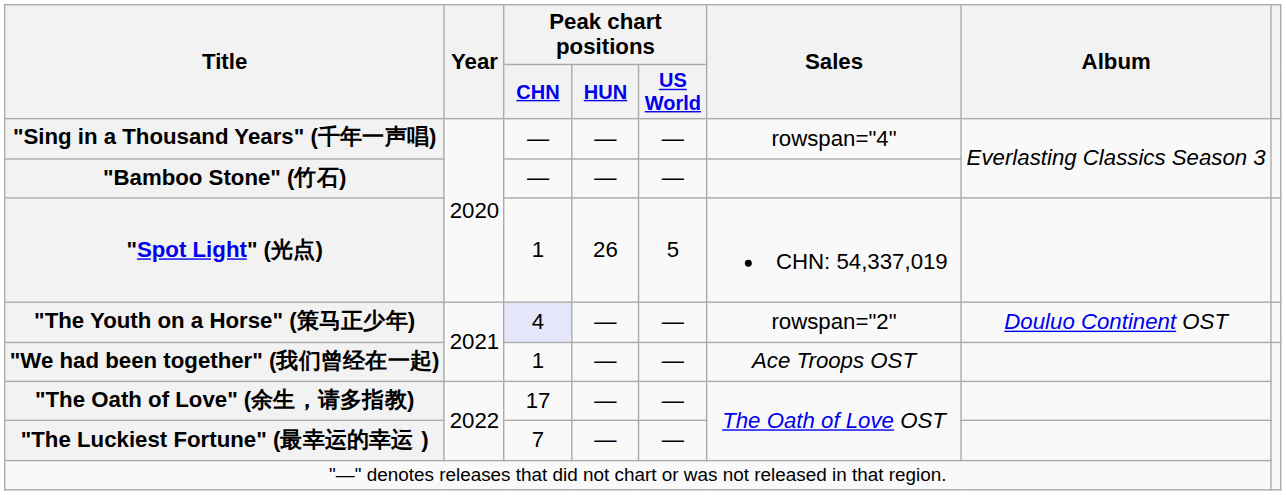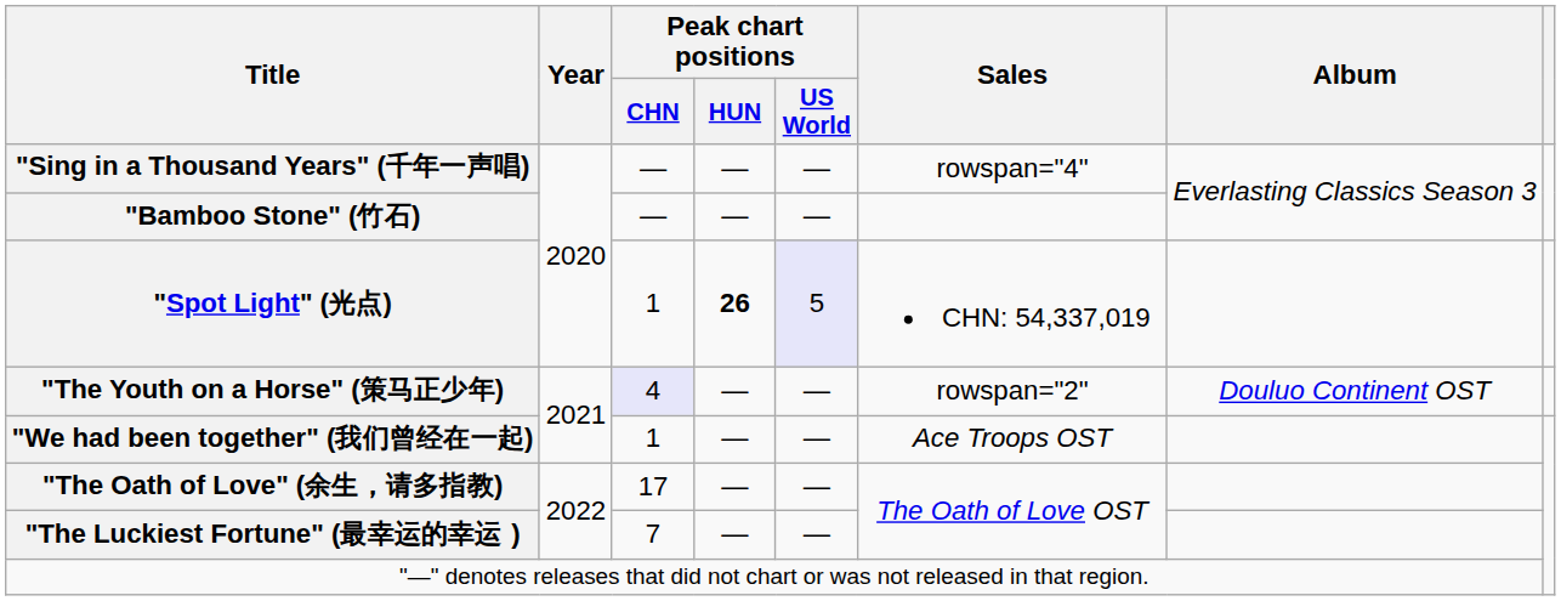 <table class="wikitable plainrowheaders" style="text-align:center;">
 <tr>
 <th rowspan="2" scope="col">Title</th>
 <th rowspan="2" scope="col">Year</th>
 <th colspan="3">Peak chart positions</th>
 <th rowspan="2" scope="col" style="width:11em;">Sales</th>
 <th rowspan="2" scope="col">Album</th>
 <th rowspan="2" scope="col"></th>
 </tr>
 <tr>
 <th scope="col" style="width:2.9em;font-size:90%;"><a href='#'>CHN</a><br></th>
 <th scope="col" style="width:2.9em;font-size:90%;"><a href='#'>HUN</a><br></th>
 <th scope="col" style="width:2.9em;font-size:90%;"><a href='#'>US World</a><br></th>
 </tr>
 <tr>
 <th scope="row">"Sing in a Thousand Years" (千年一声唱)<br></th>
 <td rowspan="3">2020</td>
 <td>—</td>
 <td>—</td>
 <td>—</td>
 <td>rowspan="4" </td>
 <td rowspan="2"><em>Everlasting Classics Season 3</em></td>
 <td rowspan="2"></td>
 </tr>
 <tr>
 <th scope="row">"Bamboo Stone" (竹石)</th>
 <td>—</td>
 <td>—</td>
 <td>—</td>
 </tr>
 <tr>
 <th scope="row">"<a href='#'>Spot Light</a>" (光点)</th>
 <td>1</td>
-<td>26</td>
-<td>5</td>
+<td><strong>26</strong></td>
+<td style="background: lavender;">5</td>
 <td><br><ul><li>CHN: 54,337,019</li></ul></td>
 <td></td>
 <td></td>
 </tr>
 <tr>
 <th scope="row">"The Youth on a Horse" (策马正少年)</th>
 <td rowspan="2">2021</td>
 <td style="background: lavender;">4</td>
 <td>—</td>
 <td>—</td>
 <td>rowspan="2" </td>
 <td><em><a href='#'>Douluo Continent</a> OST</em></td>
 <td></td>
 </tr>
 <tr>
 <th scope="row">"We had been together" (我们曾经在一起)<br></th>
 <td>1</td>
 <td>—</td>
 <td>—</td>
 <td><em>Ace Troops OST</em></td>
 <td></td>
 </tr>
 <tr>
 <th scope="row">"The Oath of Love" (余生，请多指教)<br></th>
 <td rowspan="2">2022</td>
 <td>17</td>
 <td>—</td>
 <td>—</td>
 <td rowspan="2"><em><a href='#'>The Oath of Love</a> OST</em></td>
 <td></td>
 </tr>
 <tr>
 <th scope="row">"The Luckiest Fortune" (最幸运的幸运 )</th>
 <td>7</td>
 <td>—</td>
 <td>—</td>
 <td></td>
 </tr>
 <tr>
 <td colspan="7" style="font-size:85%">"—" denotes releases that did not chart or was not released in that region.</td>
 </tr>
 </table>
